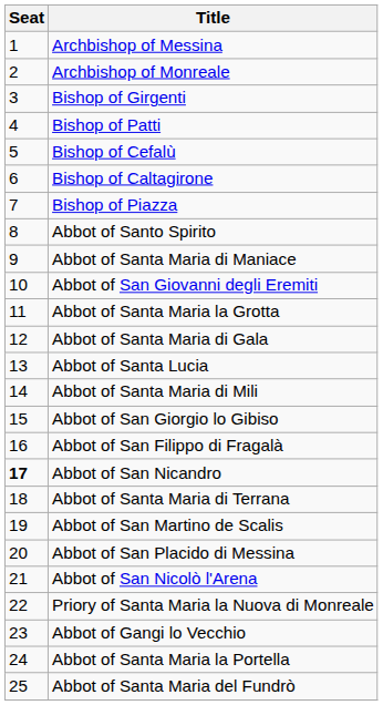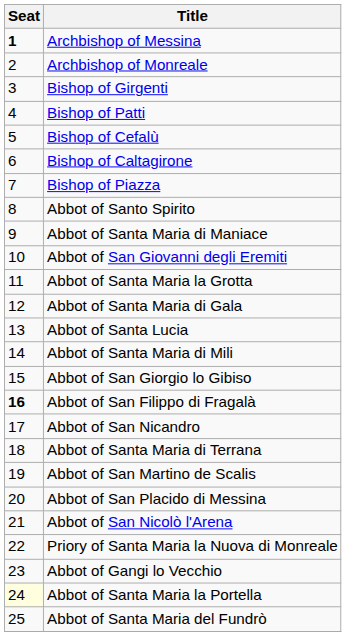 <table class="wikitable">
 <tr>
 <th>Seat</th>
 <th>Title</th>
 </tr>
 <tr>
-<td>1</td>
+<td><strong>1</strong></td>
 <td><a href='#'>Archbishop of Messina</a></td>
 </tr>
 <tr>
 <td>2</td>
 <td><a href='#'>Archbishop of Monreale</a></td>
 </tr>
 <tr>
 <td>3</td>
 <td><a href='#'>Bishop of Girgenti</a></td>
 </tr>
 <tr>
 <td>4</td>
 <td><a href='#'>Bishop of Patti</a></td>
 </tr>
 <tr>
 <td>5</td>
 <td><a href='#'>Bishop of Cefalù</a></td>
 </tr>
 <tr>
 <td>6</td>
 <td><a href='#'>Bishop of Caltagirone</a></td>
 </tr>
 <tr>
 <td>7</td>
 <td><a href='#'>Bishop of Piazza</a></td>
 </tr>
 <tr>
 <td>8</td>
 <td>Abbot of Santo Spirito</td>
 </tr>
 <tr>
 <td>9</td>
 <td>Abbot of Santa Maria di Maniace</td>
 </tr>
 <tr>
 <td>10</td>
 <td>Abbot of <a href='#'>San Giovanni degli Eremiti</a></td>
 </tr>
 <tr>
 <td>11</td>
 <td>Abbot of Santa Maria la Grotta</td>
 </tr>
 <tr>
 <td>12</td>
 <td>Abbot of Santa Maria di Gala</td>
 </tr>
 <tr>
 <td>13</td>
 <td>Abbot of Santa Lucia</td>
 </tr>
 <tr>
 <td>14</td>
 <td>Abbot of Santa Maria di Mili</td>
 </tr>
 <tr>
 <td>15</td>
 <td>Abbot of San Giorgio lo Gibiso</td>
 </tr>
 <tr>
-<td>16</td>
+<td><strong>16</strong></td>
 <td>Abbot of San Filippo di Fragalà</td>
 </tr>
 <tr>
-<td><strong>17</strong></td>
+<td>17</td>
 <td>Abbot of San Nicandro</td>
 </tr>
 <tr>
 <td>18</td>
 <td>Abbot of Santa Maria di Terrana</td>
 </tr>
 <tr>
 <td>19</td>
 <td>Abbot of San Martino de Scalis</td>
 </tr>
 <tr>
 <td>20</td>
 <td>Abbot of San Placido di Messina</td>
 </tr>
 <tr>
 <td>21</td>
 <td>Abbot of <a href='#'>San Nicolò l'Arena</a></td>
 </tr>
 <tr>
 <td>22</td>
 <td>Priory of Santa Maria la Nuova di Monreale</td>
 </tr>
 <tr>
 <td>23</td>
 <td>Abbot of Gangi lo Vecchio</td>
 </tr>
 <tr>
-<td>24</td>
+<td style="background: lightyellow;">24</td>
 <td>Abbot of Santa Maria la Portella</td>
 </tr>
 <tr>
 <td>25</td>
 <td>Abbot of Santa Maria del Fundrò</td>
 </tr>
 <tr>
 </tr>
 </table>
